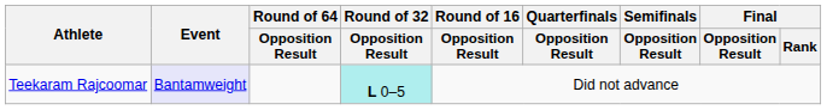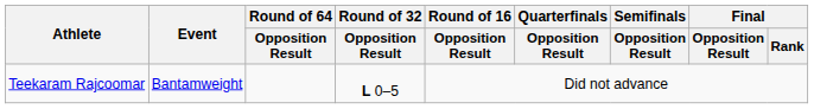 <table class="wikitable" style="font-size:90%">
 <tr>
 <th rowspan="2">Athlete</th>
 <th rowspan="2">Event</th>
 <th>Round of 64</th>
 <th>Round of 32</th>
 <th>Round of 16</th>
 <th>Quarterfinals</th>
 <th>Semifinals</th>
 <th colspan=2>Final</th>
 </tr>
 <tr style="font-size:95%">
 <th>Opposition<br>Result</th>
 <th>Opposition<br>Result</th>
 <th>Opposition<br>Result</th>
 <th>Opposition<br>Result</th>
 <th>Opposition<br>Result</th>
 <th>Opposition<br>Result</th>
 <th>Rank</th>
 </tr>
 <tr align=center>
 <td align=left><a href='#'>Teekaram Rajcoomar</a></td>
-<td align=left style="background: lavender;"><a href='#'>Bantamweight</a></td>
+<td align=left><a href='#'>Bantamweight</a></td>
 <td></td>
-<td style="background: paleturquoise;"><br><strong>L</strong> 0–5</td>
+<td><br><strong>L</strong> 0–5</td>
 <td colspan=5>Did not advance</td>
 </tr>
 </table>
